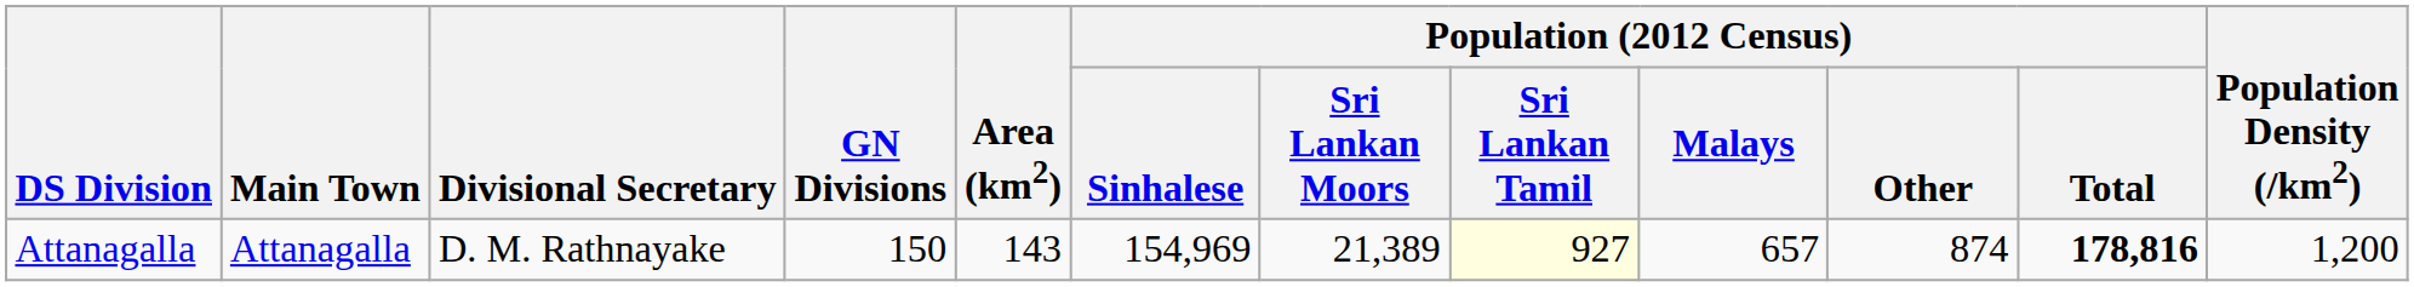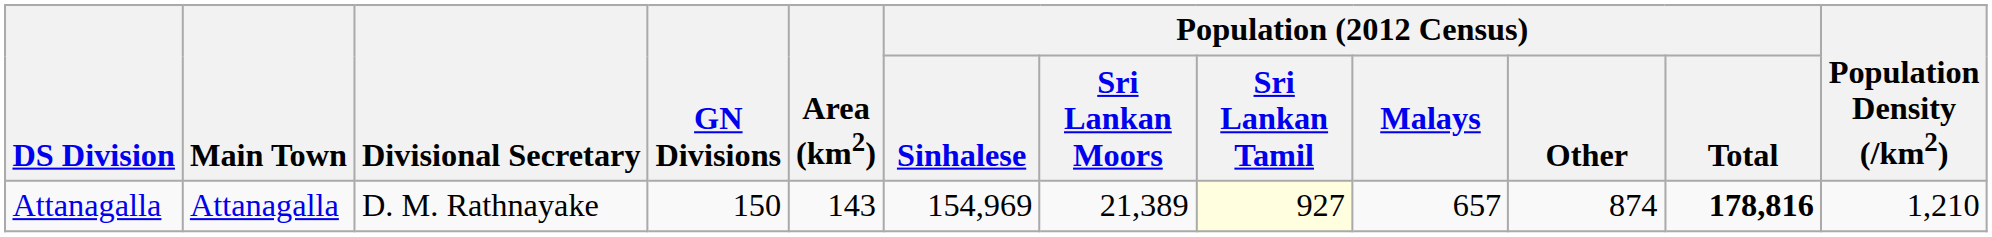 <table class="wikitable" border="1" style="text-align:right;">
 <tr>
 <th style="vertical-align:bottom;" rowspan=2><a href='#'>DS Division</a></th>
 <th style="vertical-align:bottom;" rowspan=2>Main Town</th>
 <th style="vertical-align:bottom;" rowspan=2>Divisional Secretary</th>
 <th style="vertical-align:bottom;" rowspan=2><a href='#'>GN</a><br>Divisions<br></th>
 <th style="vertical-align:bottom;" rowspan=2>Area<br>(km<sup>2</sup>)<br></th>
 <th colspan=6>Population (2012 Census)</th>
 <th style="vertical-align:bottom;" rowspan=2>Population<br>Density<br>(/km<sup>2</sup>)</th>
 </tr>
 <tr>
 <th style="vertical-align:bottom; width:70px;"><a href='#'>Sinhalese</a></th>
 <th style="vertical-align:bottom; width:70px;"><a href='#'>Sri Lankan Moors</a></th>
 <th style="width:70px;"><a href='#'>Sri Lankan<br>Tamil</a></th>
 <th style="width:70px;"><a href='#'>Malays</a></th>
 <th style="vertical-align:bottom; width:70px;">Other</th>
 <th style="vertical-align:bottom; width:70px;">Total</th>
 </tr>
 <tr>
 <td align=left><a href='#'>Attanagalla</a></td>
 <td align=left><a href='#'>Attanagalla</a></td>
 <td align=left>D. M. Rathnayake</td>
 <td>150</td>
 <td>143</td>
 <td>154,969</td>
 <td>21,389</td>
 <td style="background: lightyellow;">927</td>
 <td>657</td>
 <td>874</td>
 <td><strong>178,816</strong></td>
-<td>1,200</td>
+<td>1,210</td>
 </tr>
 </table>
